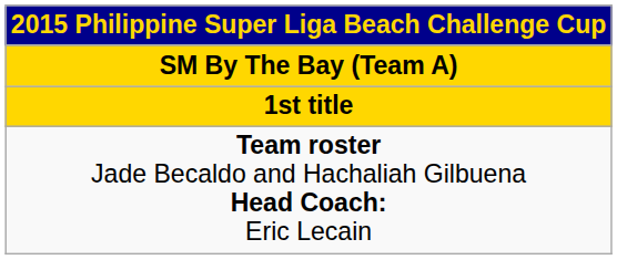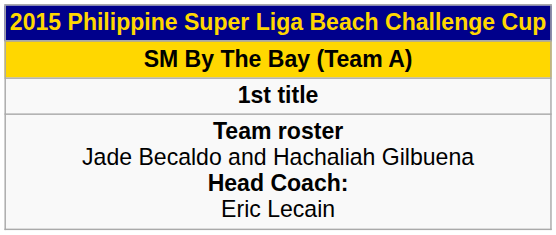 <table class=wikitable style="text-align:center; margin:auto;">
 <tr>
 <th style="background:#00008B; color:#FFD700;">2015 Philippine Super Liga Beach Challenge Cup</th>
 </tr>
 <tr bgcolor="gold">
 <td><strong>SM By The Bay (Team A)</strong></td>
 </tr>
 <tr>
-<td style="background: gold;"><strong>1st title</strong></td>
+<td><strong>1st title</strong></td>
 </tr>
 <tr>
 <td><strong>Team roster</strong><br>Jade Becaldo and Hachaliah Gilbuena<br><strong>Head Coach:</strong><br>Eric Lecain</td>
 </tr>
 </table>
